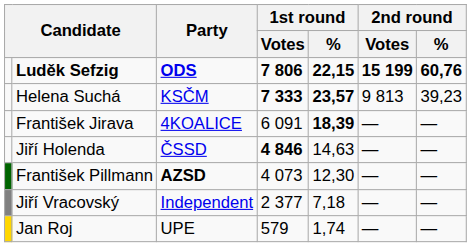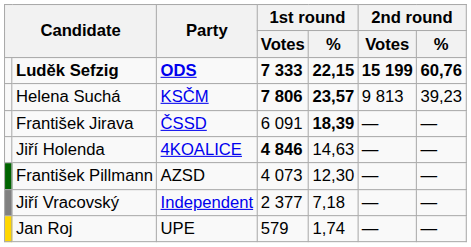 <table class="wikitable sortable">
 <tr>
 <th colspan="2" rowspan="2">Candidate</th>
 <th rowspan="2">Party</th>
 <th colspan="2">1st round</th>
 <th colspan="2">2nd round</th>
 </tr>
 <tr>
 <th>Votes</th>
 <th>%</th>
 <th>Votes</th>
 <th>%</th>
 </tr>
 <tr>
 <td style="background-color:"></td>
 <td><strong>Luděk Sefzig</strong></td>
 <td><a href='#'><strong>ODS</strong></a></td>
-<td><strong>7 806</strong></td>
+<td><strong>7 333</strong></td>
 <td><strong>22,15</strong></td>
 <td><strong>15 199</strong></td>
 <td><strong>60,76</strong></td>
 </tr>
 <tr>
 <td style="background-color:"></td>
 <td>Helena Suchá</td>
 <td><a href='#'>KSČM</a></td>
-<td><strong>7 333</strong></td>
+<td><strong>7 806</strong></td>
 <td><strong>23,57</strong></td>
 <td>9 813</td>
 <td>39,23</td>
 </tr>
 <tr>
 <td style="background-color:"></td>
 <td>František Jirava</td>
-<td><a href='#'>4KOALICE</a></td>
+<td><a href='#'>ČSSD</a></td>
 <td>6 091</td>
 <td><strong>18,39</strong></td>
 <td>—</td>
 <td>—</td>
 </tr>
 <tr>
 <td style="background-color:"></td>
 <td>Jiří Holenda</td>
-<td><a href='#'>ČSSD</a></td>
+<td><a href='#'>4KOALICE</a></td>
 <td><strong>4 846</strong></td>
 <td>14,63</td>
 <td>—</td>
 <td>—</td>
 </tr>
 <tr>
 <td style="background-color:darkgreen;"></td>
 <td>František Pillmann</td>
-<td><strong>AZSD</strong></td>
+<td>AZSD</td>
 <td>4 073</td>
 <td>12,30</td>
 <td>—</td>
 <td>—</td>
 </tr>
 <tr>
 <td style="background-color:gray;"></td>
 <td>Jiří Vracovský</td>
 <td><a href='#'>Independent</a></td>
 <td>2 377</td>
 <td>7,18</td>
 <td>—</td>
 <td>—</td>
 </tr>
 <tr>
 <td style="background-color:gold;"></td>
 <td>Jan Roj</td>
 <td>UPE</td>
 <td>579</td>
 <td>1,74</td>
 <td>—</td>
 <td>—</td>
 </tr>
 </table>
